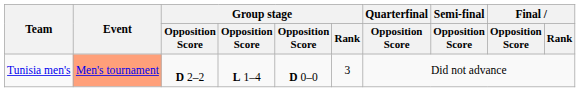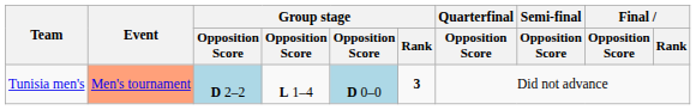 <table class="wikitable" style="font-size:90%">
 <tr>
 <th rowspan=2>Team</th>
 <th rowspan=2>Event</th>
 <th colspan=4>Group stage</th>
 <th>Quarterfinal</th>
 <th>Semi-final</th>
 <th colspan=2>Final / </th>
 </tr>
 <tr style="font-size:95%">
 <th>Opposition<br>Score</th>
 <th>Opposition<br>Score</th>
 <th>Opposition<br>Score</th>
 <th>Rank</th>
 <th>Opposition<br>Score</th>
 <th>Opposition<br>Score</th>
 <th>Opposition<br>Score</th>
 <th>Rank</th>
 </tr>
 <tr align=center>
 <td align=left><a href='#'>Tunisia men's</a></td>
 <td align=left style="background: lightsalmon;"><a href='#'>Men's tournament</a></td>
-<td><br><strong>D</strong> 2–2</td>
+<td style="background: lightblue;"><br><strong>D</strong> 2–2</td>
 <td><br><strong>L</strong> 1–4</td>
-<td><br><strong>D</strong> 0–0</td>
-<td>3</td>
+<td style="background: lightblue;"><br><strong>D</strong> 0–0</td>
+<td><strong>3</strong></td>
 <td colspan=4>Did not advance</td>
 </tr>
 </table>
